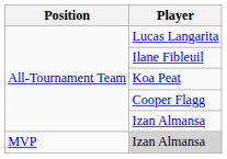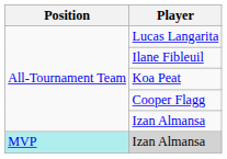 <table class="wikitable">
 <tr>
 <th>Position</th>
 <th>Player</th>
 </tr>
 <tr>
 <td rowspan=5><a href='#'>All-Tournament Team</a></td>
 <td> <a href='#'>Lucas Langarita</a></td>
 </tr>
 <tr>
 <td> <a href='#'>Ilane Fibleuil</a></td>
 </tr>
 <tr>
 <td> <a href='#'>Koa Peat</a></td>
 </tr>
 <tr>
 <td> <a href='#'>Cooper Flagg</a></td>
 </tr>
 <tr>
 <td> <a href='#'>Izan Almansa</a></td>
 </tr>
 <tr>
-<td><a href='#'>MVP</a></td>
+<td style="background: paleturquoise;"><a href='#'>MVP</a></td>
 <td style="background: lightgrey;"> Izan Almansa</td>
 </tr>
 </table>
